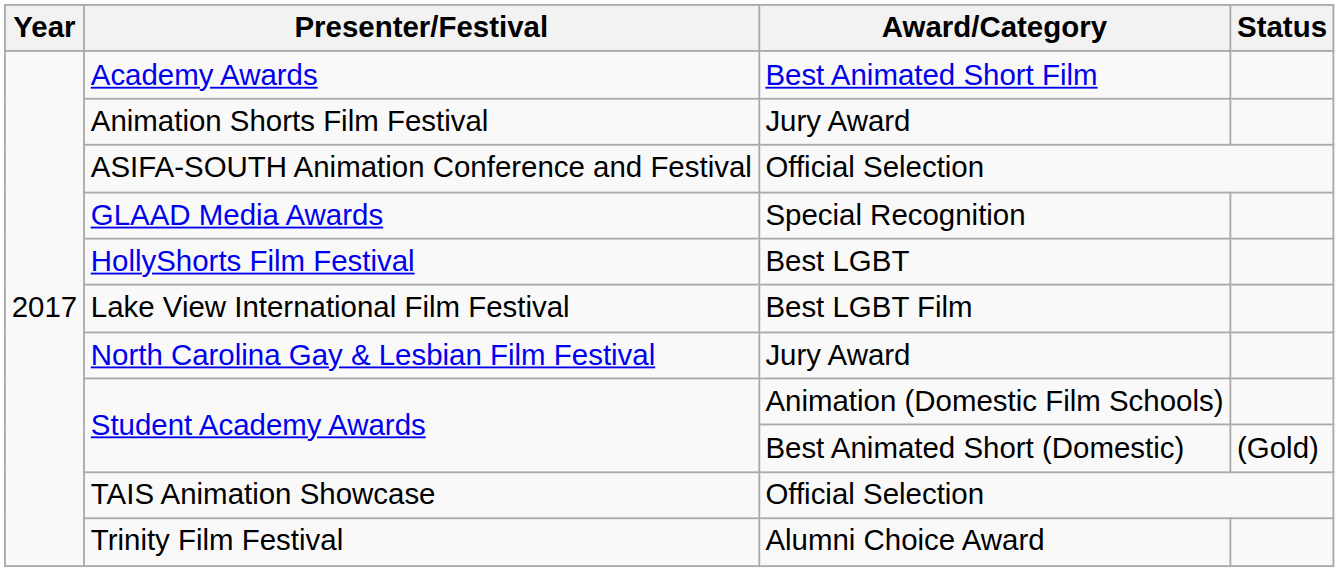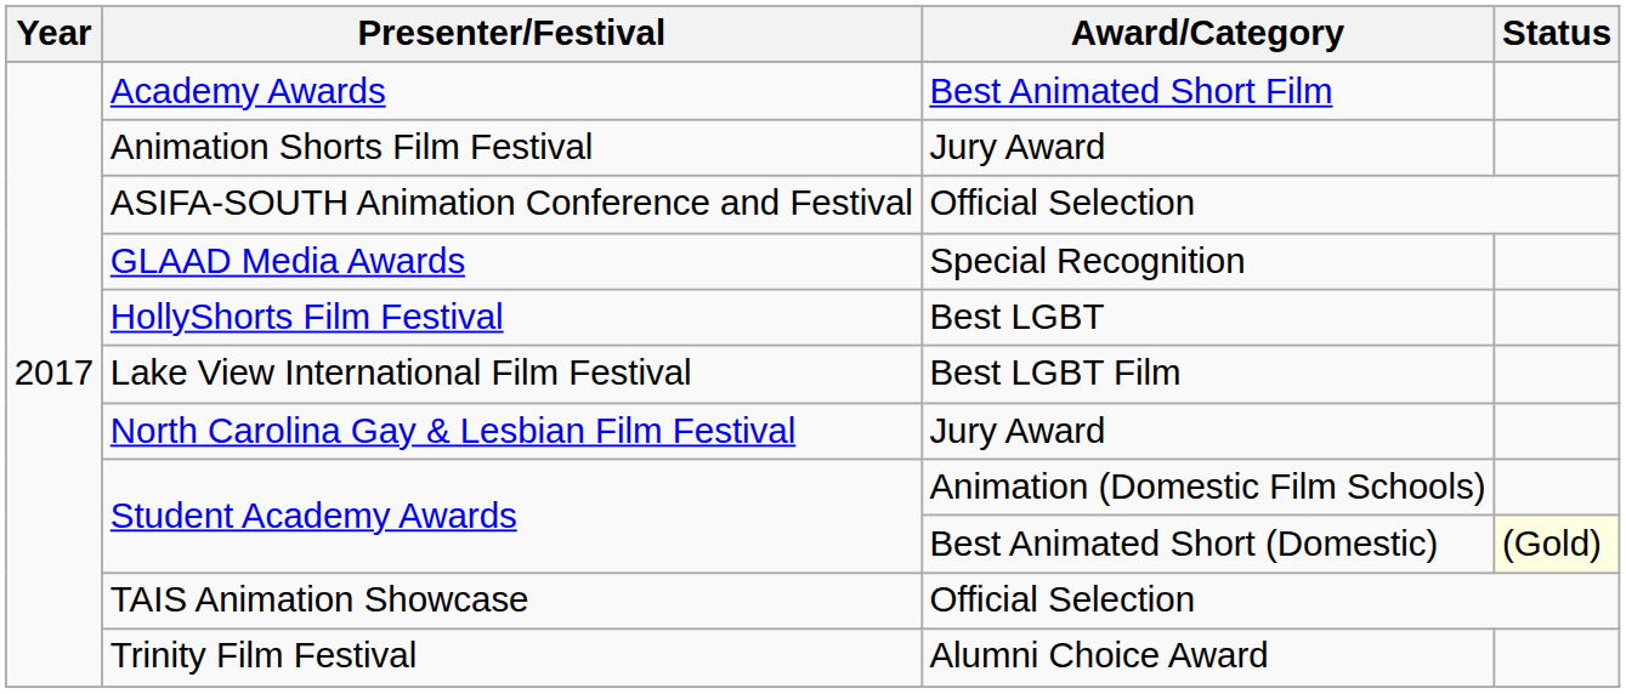 <table class="wikitable">
 <tr>
 <th>Year</th>
 <th>Presenter/Festival</th>
 <th>Award/Category</th>
 <th>Status</th>
 </tr>
 <tr>
 <td rowspan="11">2017</td>
 <td><a href='#'>Academy Awards</a></td>
 <td><a href='#'>Best Animated Short Film</a></td>
 <td></td>
 </tr>
 <tr>
 <td>Animation Shorts Film Festival</td>
 <td>Jury Award</td>
 <td></td>
 </tr>
 <tr>
 <td>ASIFA-SOUTH Animation Conference and Festival</td>
 <td colspan=2>Official Selection</td>
 </tr>
 <tr>
 <td><a href='#'>GLAAD Media Awards</a></td>
 <td>Special Recognition</td>
 <td></td>
 </tr>
 <tr>
 <td><a href='#'>HollyShorts Film Festival</a></td>
 <td>Best LGBT</td>
 <td></td>
 </tr>
 <tr>
 <td>Lake View International Film Festival</td>
 <td>Best LGBT Film</td>
 <td></td>
 </tr>
 <tr>
 <td><a href='#'>North Carolina Gay & Lesbian Film Festival</a></td>
 <td>Jury Award</td>
 <td></td>
 </tr>
 <tr>
 <td rowspan=2><a href='#'>Student Academy Awards</a></td>
 <td>Animation (Domestic Film Schools)</td>
 <td></td>
 </tr>
 <tr>
 <td>Best Animated Short (Domestic)</td>
-<td> (Gold)</td>
+<td style="background: lightyellow;"> (Gold)</td>
 </tr>
 <tr>
 <td>TAIS Animation Showcase</td>
 <td colspan=2>Official Selection</td>
 </tr>
 <tr>
 <td>Trinity Film Festival</td>
 <td>Alumni Choice Award</td>
 <td></td>
 </tr>
 </table>
